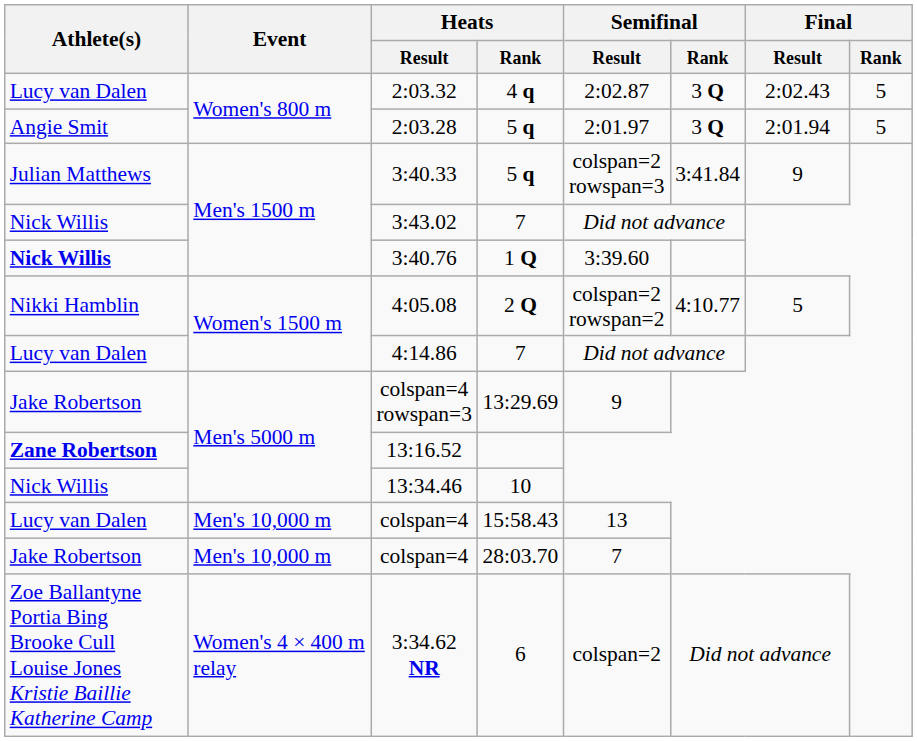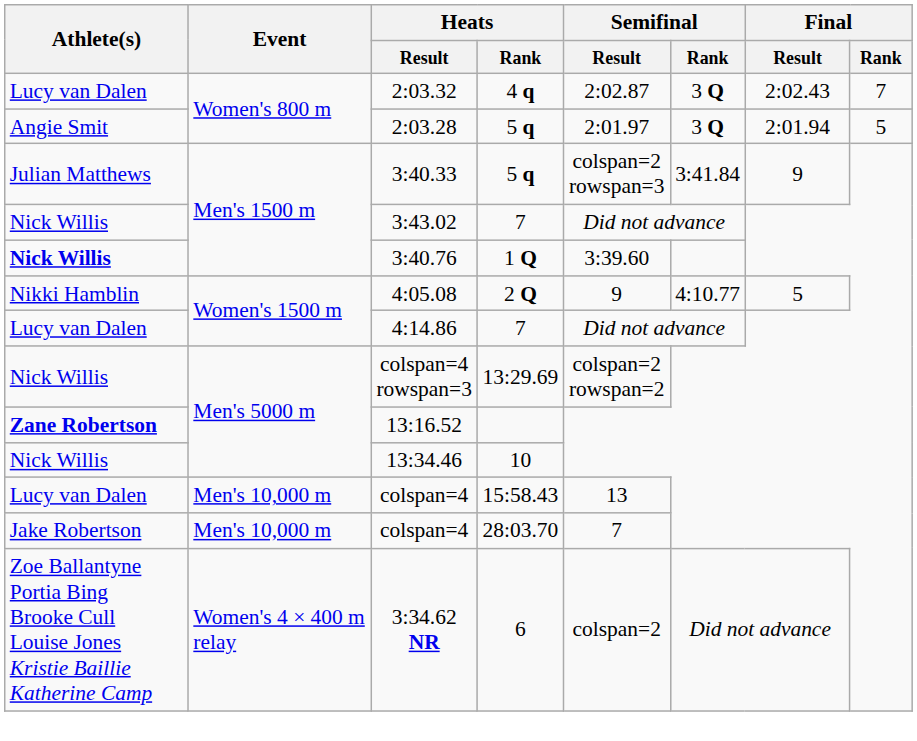 <table class=wikitable style="text-align:center; font-size:90%">
 <tr>
 <th rowspan="2" width=120>Athlete(s)</th>
 <th rowspan="2" width=120>Event</th>
 <th colspan="2" width=100>Heats</th>
 <th colspan="2" width=100>Semifinal</th>
 <th colspan="2" width=100>Final</th>
 </tr>
 <tr>
 <th style="line-height:1em" width=65><small>Result</small></th>
 <th style="line-height:1em" width=35><small>Rank</small></th>
 <th style="line-height:1em" width=65><small>Result</small></th>
 <th style="line-height:1em" width=35><small>Rank</small></th>
 <th style="line-height:1em" width=65><small>Result</small></th>
 <th style="line-height:1em" width=35><small>Rank</small></th>
 </tr>
 <tr>
 <td align=left><a href='#'>Lucy van Dalen</a></td>
 <td align=left rowspan=2><a href='#'>Women's 800 m</a></td>
 <td>2:03.32</td>
 <td>4 <strong>q</strong></td>
 <td>2:02.87</td>
 <td>3 <strong>Q</strong></td>
 <td>2:02.43</td>
-<td>5</td>
+<td>7</td>
 </tr>
 <tr>
 <td align=left><a href='#'>Angie Smit</a></td>
 <td>2:03.28</td>
 <td>5 <strong>q</strong></td>
 <td>2:01.97</td>
 <td>3 <strong>Q</strong></td>
 <td>2:01.94</td>
 <td>5</td>
 </tr>
 <tr>
 <td align=left><a href='#'>Julian Matthews</a></td>
 <td align=left rowspan=3><a href='#'>Men's 1500 m</a></td>
 <td>3:40.33</td>
 <td>5 <strong>q</strong></td>
 <td>colspan=2 rowspan=3 </td>
 <td>3:41.84</td>
 <td>9</td>
 </tr>
 <tr>
 <td align=left><a href='#'>Nick Willis</a></td>
 <td>3:43.02</td>
 <td>7</td>
 <td colspan=2><em>Did not advance</em></td>
 </tr>
 <tr>
 <td align=left><strong><a href='#'>Nick Willis</a></strong></td>
 <td>3:40.76</td>
 <td>1 <strong>Q</strong></td>
 <td>3:39.60</td>
 <td></td>
 </tr>
 <tr>
 <td align=left><a href='#'>Nikki Hamblin</a></td>
 <td align=left rowspan=2><a href='#'>Women's 1500 m</a></td>
 <td>4:05.08</td>
 <td>2 <strong>Q</strong></td>
-<td>colspan=2 rowspan=2 </td>
+<td>9</td>
 <td>4:10.77</td>
 <td>5</td>
 </tr>
 <tr>
 <td align=left><a href='#'>Lucy van Dalen</a></td>
 <td>4:14.86</td>
 <td>7</td>
 <td colspan=2><em>Did not advance</em></td>
 </tr>
 <tr>
-<td align=left><a href='#'>Jake Robertson</a></td>
+<td align=left><a href='#'>Nick Willis</a></td>
 <td align=left rowspan=3><a href='#'>Men's 5000 m</a></td>
 <td>colspan=4 rowspan=3 </td>
 <td>13:29.69</td>
-<td>9</td>
+<td>colspan=2 rowspan=2 </td>
 </tr>
 <tr>
 <td align=left><strong><a href='#'>Zane Robertson</a></strong></td>
 <td>13:16.52</td>
 <td></td>
 </tr>
 <tr>
 <td align=left><a href='#'>Nick Willis</a></td>
 <td>13:34.46</td>
 <td>10</td>
 </tr>
 <tr>
 <td align=left><a href='#'>Lucy van Dalen</a></td>
 <td align=left><a href='#'>Men's 10,000 m</a></td>
 <td>colspan=4 </td>
 <td>15:58.43</td>
 <td>13</td>
 </tr>
 <tr>
 <td align=left><a href='#'>Jake Robertson</a></td>
 <td align=left><a href='#'>Men's 10,000 m</a></td>
 <td>colspan=4 </td>
 <td>28:03.70</td>
 <td>7</td>
 </tr>
 <tr>
 <td align=left><a href='#'>Zoe Ballantyne</a><br><a href='#'>Portia Bing</a><br><a href='#'>Brooke Cull</a><br><a href='#'>Louise Jones</a><br><em><a href='#'>Kristie Baillie</a></em><br><em><a href='#'>Katherine Camp</a></em></td>
 <td align=left><a href='#'>Women's 4 × 400 m relay</a></td>
 <td>3:34.62 <strong><a href='#'>NR</a></strong></td>
 <td>6</td>
 <td>colspan=2 </td>
 <td colspan=2><em>Did not advance</em></td>
 </tr>
 </table>
